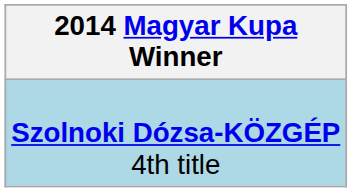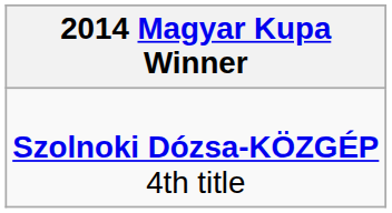 <table class=wikitable style="text-align:center; margin:auto">
 <tr>
 <th>2014 <a href='#'>Magyar Kupa</a><br>Winner</th>
 </tr>
 <tr>
-<td align=center style="background: lightblue;"><br><strong><a href='#'>Szolnoki Dózsa-KÖZGÉP</a></strong><br>4th title</td>
+<td align=center><br><strong><a href='#'>Szolnoki Dózsa-KÖZGÉP</a></strong><br>4th title</td>
 </tr>
 </table>
